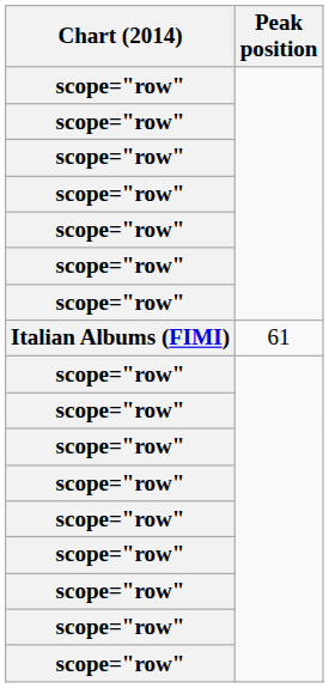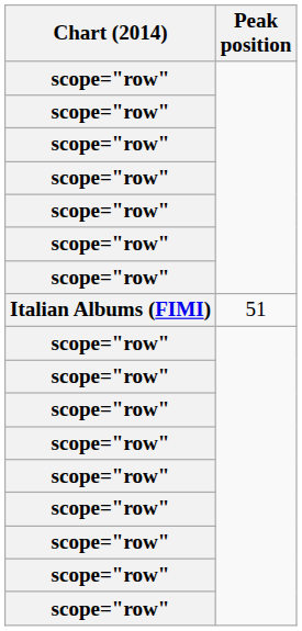 <table class="wikitable sortable plainrowheaders" style="text-align:center">
 <tr>
 <th scope="col">Chart (2014)</th>
 <th scope="col">Peak<br>position</th>
 </tr>
 <tr>
 <th>scope="row" </th>
 </tr>
 <tr>
 <th>scope="row" </th>
 </tr>
 <tr>
 <th>scope="row" </th>
 </tr>
 <tr>
 <th>scope="row" </th>
 </tr>
 <tr>
 <th>scope="row" </th>
 </tr>
 <tr>
 <th>scope="row" </th>
 </tr>
 <tr>
 <th>scope="row" </th>
 </tr>
 <tr>
 <th scope="row">Italian Albums (<a href='#'>FIMI</a>)</th>
-<td>61</td>
+<td>51</td>
 </tr>
 <tr>
 <th>scope="row" </th>
 </tr>
 <tr>
 <th>scope="row" </th>
 </tr>
 <tr>
 <th>scope="row" </th>
 </tr>
 <tr>
 <th>scope="row" </th>
 </tr>
 <tr>
 <th>scope="row" </th>
 </tr>
 <tr>
 <th>scope="row" </th>
 </tr>
 <tr>
 <th>scope="row" </th>
 </tr>
 <tr>
 <th>scope="row" </th>
 </tr>
 <tr>
 <th>scope="row" </th>
 </tr>
 </table>
